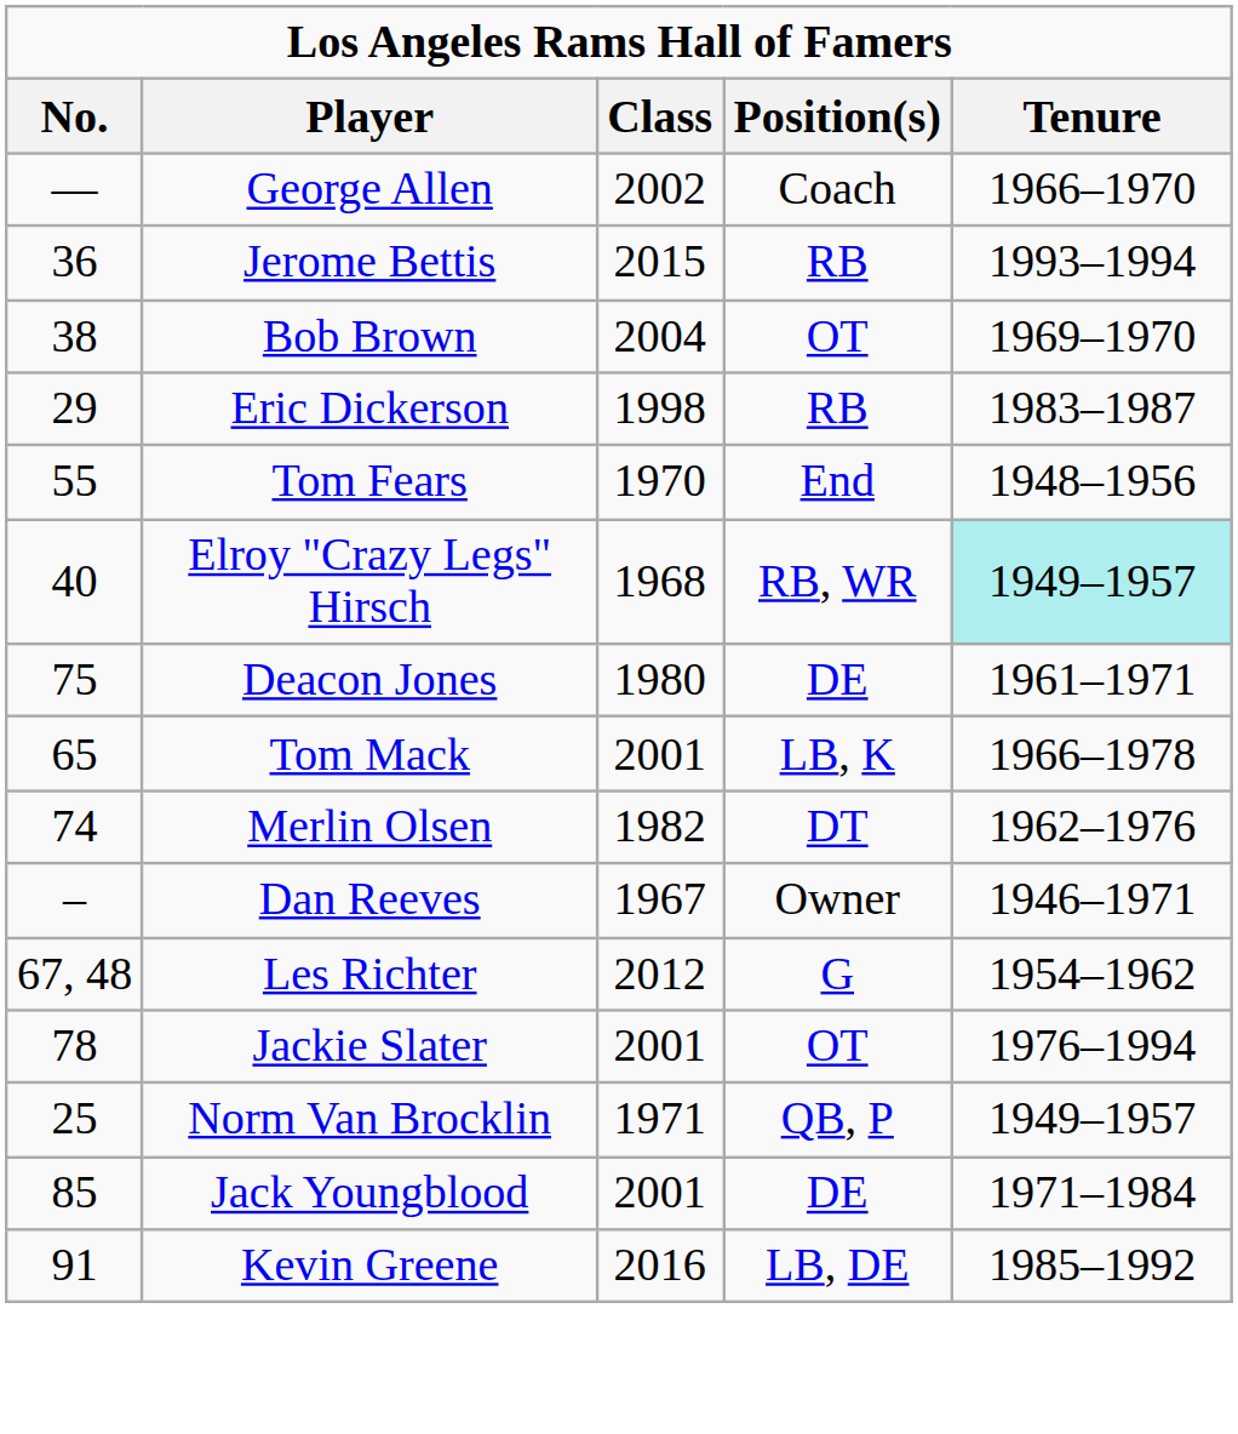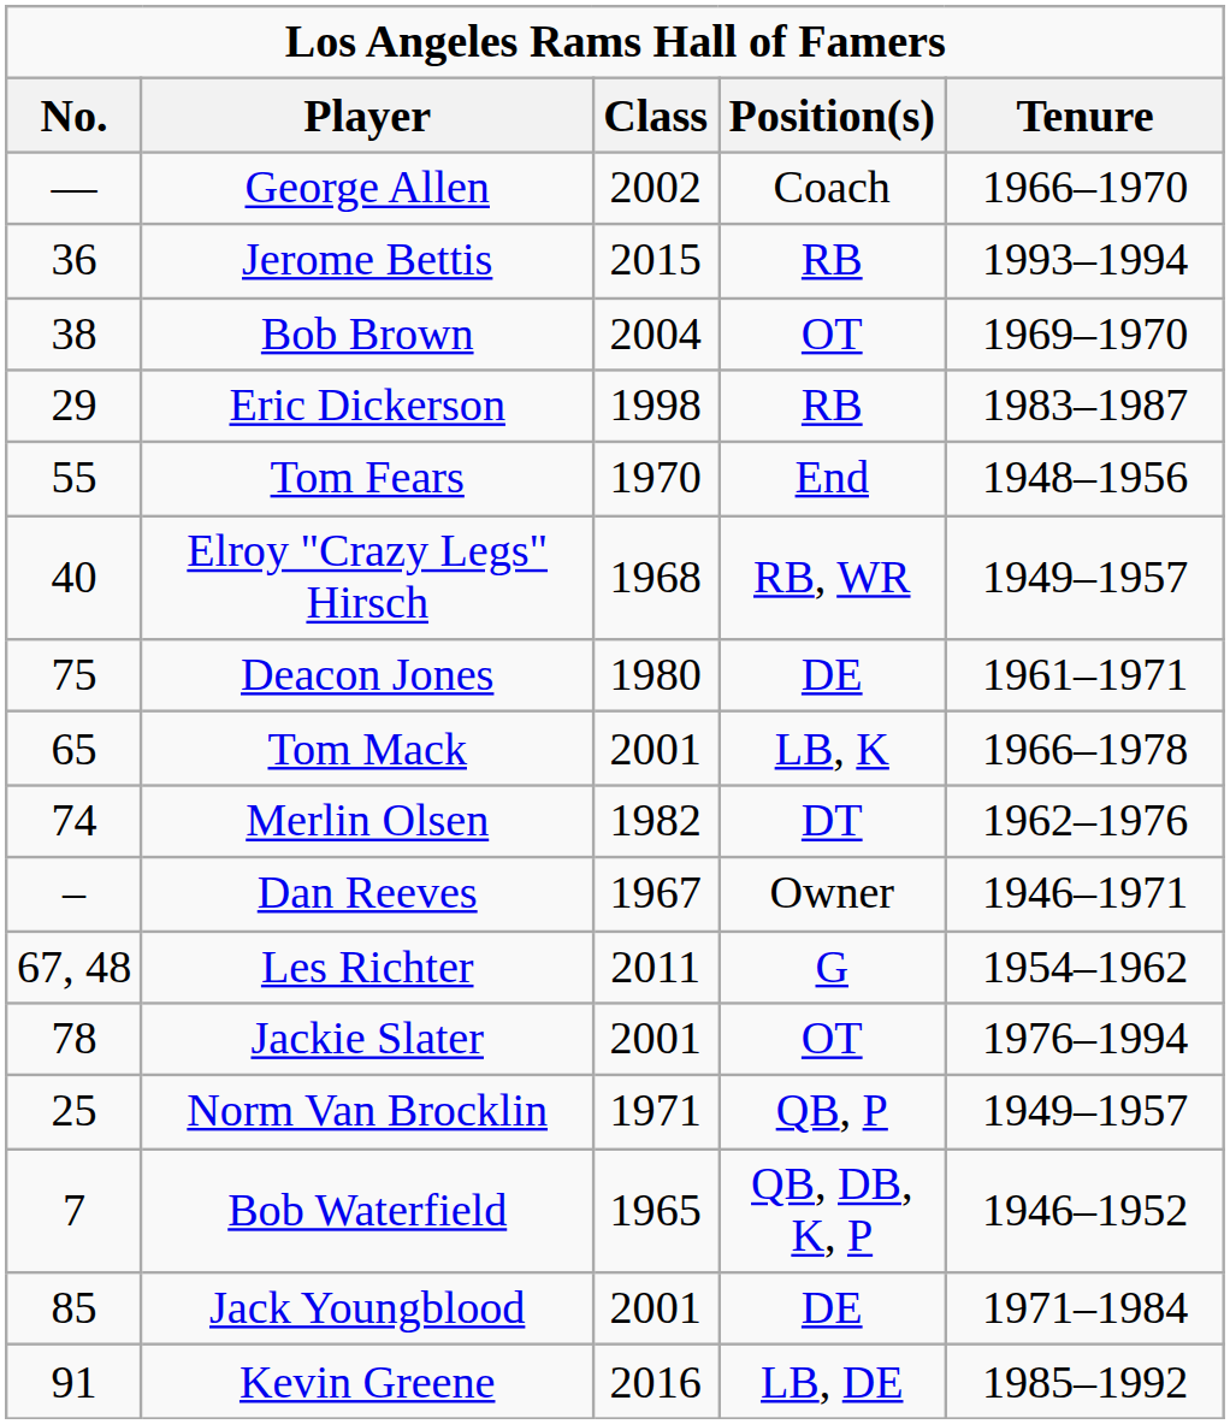 <table class="wikitable sortable" style="text-align:center">
 <tr>
 <td colspan="5"><strong>Los Angeles Rams Hall of Famers</strong></td>
 </tr>
 <tr>
 <th style="width:40px; ">No.</th>
 <th style="width:150px; ">Player</th>
 <th style="width:30px; ">Class</th>
 <th style="width:40px; ">Position(s)</th>
 <th style="width:90px; ">Tenure</th>
 </tr>
 <tr>
 <td>—</td>
 <td><a href='#'>George Allen</a></td>
 <td>2002</td>
 <td>Coach</td>
 <td>1966–1970</td>
 </tr>
 <tr>
 <td>36</td>
 <td><a href='#'>Jerome Bettis</a></td>
 <td>2015</td>
 <td><a href='#'>RB</a></td>
 <td>1993–1994</td>
 </tr>
 <tr>
 <td>38</td>
 <td><a href='#'>Bob Brown</a></td>
 <td>2004</td>
 <td><a href='#'>OT</a></td>
 <td>1969–1970</td>
 </tr>
 <tr>
 <td>29</td>
 <td><a href='#'>Eric Dickerson</a></td>
 <td>1998</td>
 <td><a href='#'>RB</a></td>
 <td>1983–1987</td>
 </tr>
 <tr>
 <td>55</td>
 <td><a href='#'>Tom Fears</a></td>
 <td>1970</td>
 <td><a href='#'>End</a></td>
 <td>1948–1956</td>
 </tr>
 <tr>
 <td>40</td>
 <td><a href='#'>Elroy "Crazy Legs" Hirsch</a></td>
 <td>1968</td>
 <td><a href='#'>RB</a>, <a href='#'>WR</a></td>
-<td style="background: paleturquoise;">1949–1957</td>
+<td>1949–1957</td>
 </tr>
 <tr>
 <td>75</td>
 <td><a href='#'>Deacon Jones</a></td>
 <td>1980</td>
 <td><a href='#'>DE</a></td>
 <td>1961–1971</td>
 </tr>
 <tr>
 <td>65</td>
 <td><a href='#'>Tom Mack</a></td>
 <td>2001</td>
 <td><a href='#'>LB</a>, <a href='#'>K</a></td>
 <td>1966–1978</td>
 </tr>
 <tr>
 <td>74</td>
 <td><a href='#'>Merlin Olsen</a></td>
 <td>1982</td>
 <td><a href='#'>DT</a></td>
 <td>1962–1976</td>
 </tr>
 <tr>
 <td>–</td>
 <td><a href='#'>Dan Reeves</a></td>
 <td>1967</td>
 <td>Owner</td>
 <td>1946–1971</td>
 </tr>
 <tr>
 <td>67, 48</td>
 <td><a href='#'>Les Richter</a></td>
-<td>2012</td>
+<td>2011</td>
 <td><a href='#'>G</a></td>
 <td>1954–1962</td>
 </tr>
 <tr>
 <td>78</td>
 <td><a href='#'>Jackie Slater</a></td>
 <td>2001</td>
 <td><a href='#'>OT</a></td>
 <td>1976–1994</td>
 </tr>
 <tr>
 <td>25</td>
 <td><a href='#'>Norm Van Brocklin</a></td>
 <td>1971</td>
 <td><a href='#'>QB</a>, <a href='#'>P</a></td>
 <td>1949–1957</td>
 </tr>
 <tr>
+<td>7</td>
+<td><a href='#'>Bob Waterfield</a></td>
+<td>1965</td>
+<td><a href='#'>QB</a>, <a href='#'>DB</a>, <a href='#'>K</a>, <a href='#'>P</a></td>
+<td>1946–1952</td>
+</tr>
+<tr>
 <td>85</td>
 <td><a href='#'>Jack Youngblood</a></td>
 <td>2001</td>
 <td><a href='#'>DE</a></td>
 <td>1971–1984</td>
 </tr>
 <tr>
 <td>91</td>
 <td><a href='#'>Kevin Greene</a></td>
 <td>2016</td>
 <td><a href='#'>LB</a>, <a href='#'>DE</a></td>
 <td>1985–1992</td>
 </tr>
 </table>
